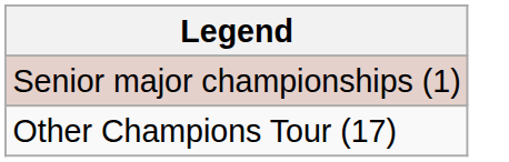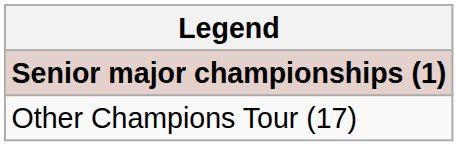 <table class="wikitable" style="font-size:95%;">
 <tr>
 <th>Legend</th>
 </tr>
 <tr style="background:#e5d1cb;">
-<td>Senior major championships (1)</td>
+<td><strong>Senior major championships (1)</strong></td>
 </tr>
 <tr>
 <td>Other Champions Tour (17)</td>
 </tr>
 </table>
